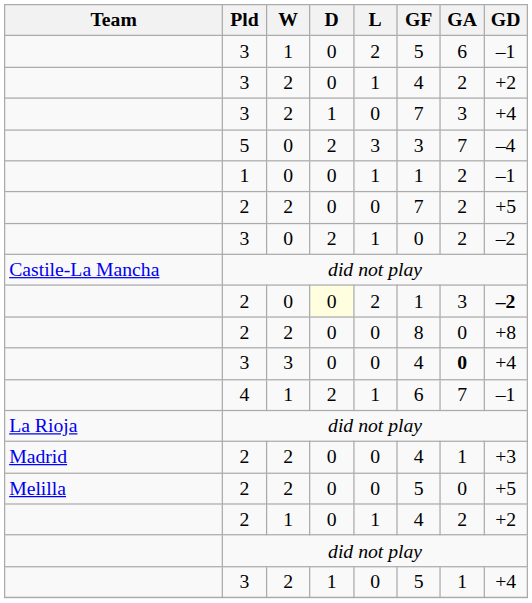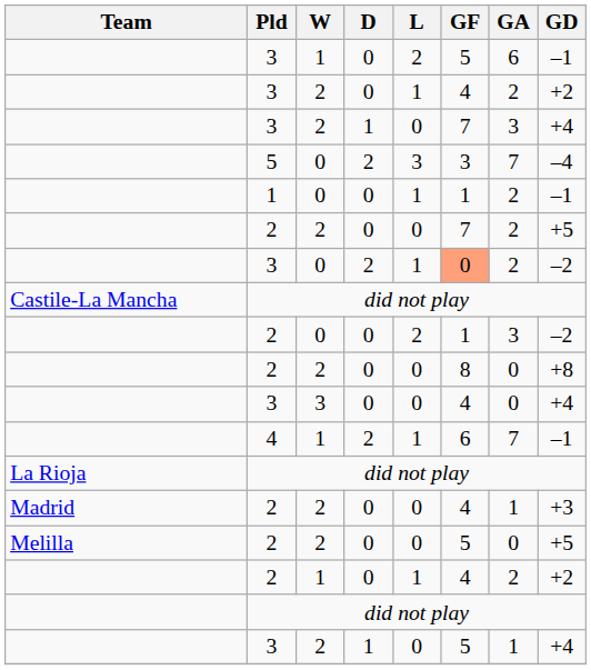 <table class="wikitable sortable collapsible collapsed" style="text-align:center">
 <tr>
 <th style="width:170px">Team</th>
 <th style="width:28px">Pld</th>
 <th style="width:28px">W</th>
 <th style="width:28px">D</th>
 <th style="width:28px">L</th>
 <th style="width:28px">GF</th>
 <th style="width:28px">GA</th>
 <th style="width:28px">GD</th>
 </tr>
 <tr>
 <td align=left></td>
 <td>3</td>
 <td>1</td>
 <td>0</td>
 <td>2</td>
 <td>5</td>
 <td>6</td>
 <td>–1</td>
 </tr>
 <tr>
 <td align=left></td>
 <td>3</td>
 <td>2</td>
 <td>0</td>
 <td>1</td>
 <td>4</td>
 <td>2</td>
 <td>+2</td>
 </tr>
 <tr>
 <td align=left></td>
 <td>3</td>
 <td>2</td>
 <td>1</td>
 <td>0</td>
 <td>7</td>
 <td>3</td>
 <td>+4</td>
 </tr>
 <tr>
 <td align=left></td>
 <td>5</td>
 <td>0</td>
 <td>2</td>
 <td>3</td>
 <td>3</td>
 <td>7</td>
 <td>–4</td>
 </tr>
 <tr>
 <td align=left></td>
 <td>1</td>
 <td>0</td>
 <td>0</td>
 <td>1</td>
 <td>1</td>
 <td>2</td>
 <td>–1</td>
 </tr>
 <tr>
 <td align=left></td>
 <td>2</td>
 <td>2</td>
 <td>0</td>
 <td>0</td>
 <td>7</td>
 <td>2</td>
 <td>+5</td>
 </tr>
 <tr>
 <td align=left></td>
 <td>3</td>
 <td>0</td>
 <td>2</td>
 <td>1</td>
-<td>0</td>
+<td style="background: lightsalmon;">0</td>
 <td>2</td>
 <td>–2</td>
 </tr>
 <tr>
 <td align=left> <a href='#'>Castile-La Mancha</a></td>
 <td colspan=7><em>did not play</em></td>
 </tr>
 <tr>
 <td align=left></td>
 <td>2</td>
 <td>0</td>
-<td style="background: lightyellow;">0</td>
+<td>0</td>
 <td>2</td>
 <td>1</td>
 <td>3</td>
-<td><strong>–2</strong></td>
+<td>–2</td>
 </tr>
 <tr>
 <td align=left></td>
 <td>2</td>
 <td>2</td>
 <td>0</td>
 <td>0</td>
 <td>8</td>
 <td>0</td>
 <td>+8</td>
 </tr>
 <tr>
 <td align=left></td>
 <td>3</td>
 <td>3</td>
 <td>0</td>
 <td>0</td>
 <td>4</td>
-<td><strong>0</strong></td>
+<td>0</td>
 <td>+4</td>
 </tr>
 <tr>
 <td align=left></td>
 <td>4</td>
 <td>1</td>
 <td>2</td>
 <td>1</td>
 <td>6</td>
 <td>7</td>
 <td>–1</td>
 </tr>
 <tr>
 <td align=left> <a href='#'>La Rioja</a></td>
 <td colspan=7><em>did not play</em></td>
 </tr>
 <tr>
 <td align=left> <a href='#'>Madrid</a></td>
 <td>2</td>
 <td>2</td>
 <td>0</td>
 <td>0</td>
 <td>4</td>
 <td>1</td>
 <td>+3</td>
 </tr>
 <tr>
 <td align=left> <a href='#'>Melilla</a></td>
 <td>2</td>
 <td>2</td>
 <td>0</td>
 <td>0</td>
 <td>5</td>
 <td>0</td>
 <td>+5</td>
 </tr>
 <tr>
 <td align=left></td>
 <td>2</td>
 <td>1</td>
 <td>0</td>
 <td>1</td>
 <td>4</td>
 <td>2</td>
 <td>+2</td>
 </tr>
 <tr>
 <td align=left></td>
 <td colspan=7><em>did not play</em></td>
 </tr>
 <tr>
 <td align=left></td>
 <td>3</td>
 <td>2</td>
 <td>1</td>
 <td>0</td>
 <td>5</td>
 <td>1</td>
 <td>+4</td>
 </tr>
 <tr>
 </tr>
 </table>
